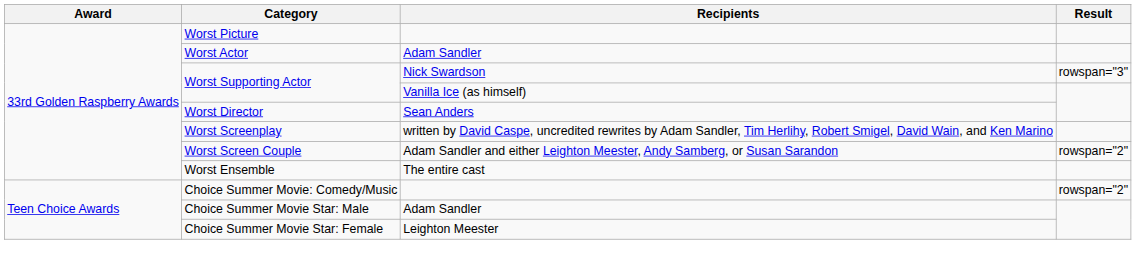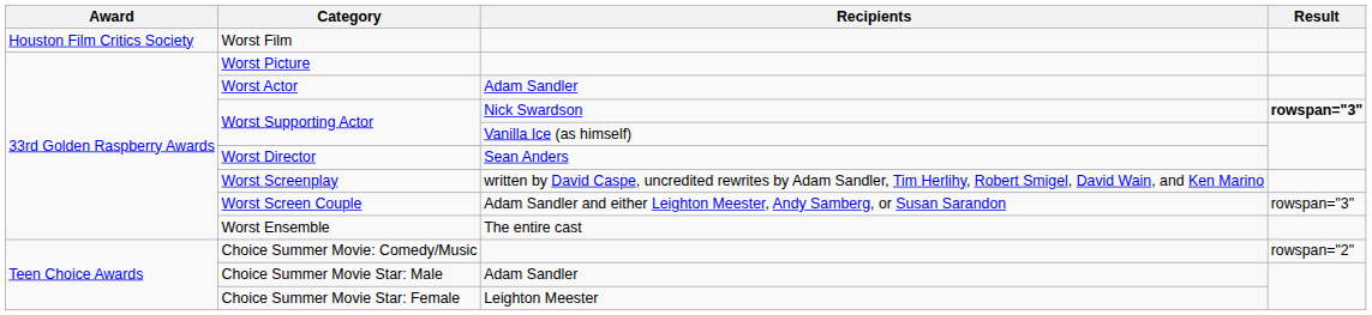 <table class="wikitable">
 <tr>
 <th scope="col">Award</th>
 <th scope="col">Category</th>
 <th scope="col">Recipients</th>
 <th scope="col">Result</th>
+</tr>
+<tr>
+<td><a href='#'>Houston Film Critics Society</a></td>
+<td>Worst Film</td>
+<td></td>
+<td></td>
 </tr>
 <tr>
 <td rowspan="8"><a href='#'>33rd Golden Raspberry Awards</a></td>
 <td><a href='#'>Worst Picture</a></td>
 <td></td>
 <td></td>
 </tr>
 <tr>
 <td><a href='#'>Worst Actor</a></td>
 <td><a href='#'>Adam Sandler</a></td>
 <td></td>
 </tr>
 <tr>
 <td rowspan="2"><a href='#'>Worst Supporting Actor</a></td>
 <td><a href='#'>Nick Swardson</a></td>
-<td>rowspan="3" </td>
+<td><strong>rowspan="3" </strong></td>
 </tr>
 <tr>
 <td><a href='#'>Vanilla Ice</a> (as himself)</td>
 </tr>
 <tr>
 <td><a href='#'>Worst Director</a></td>
 <td><a href='#'>Sean Anders</a></td>
 </tr>
 <tr>
 <td><a href='#'>Worst Screenplay</a></td>
 <td>written by <a href='#'>David Caspe</a>, uncredited rewrites by Adam Sandler, <a href='#'>Tim Herlihy</a>, <a href='#'>Robert Smigel</a>, <a href='#'>David Wain</a>, and <a href='#'>Ken Marino</a></td>
 <td></td>
 </tr>
 <tr>
 <td><a href='#'>Worst Screen Couple</a></td>
 <td>Adam Sandler and either <a href='#'>Leighton Meester</a>, <a href='#'>Andy Samberg</a>, or <a href='#'>Susan Sarandon</a></td>
-<td>rowspan="2" </td>
+<td>rowspan="3" </td>
 </tr>
 <tr>
 <td>Worst Ensemble</td>
 <td>The entire cast</td>
 </tr>
 <tr>
 <td rowspan="3"><a href='#'>Teen Choice Awards</a></td>
 <td>Choice Summer Movie: Comedy/Music</td>
 <td></td>
 <td>rowspan="2" </td>
 </tr>
 <tr>
 <td>Choice Summer Movie Star: Male</td>
 <td>Adam Sandler</td>
 </tr>
 <tr>
 <td>Choice Summer Movie Star: Female</td>
 <td>Leighton Meester</td>
 </tr>
 </table>
